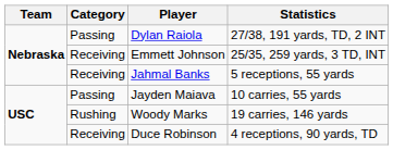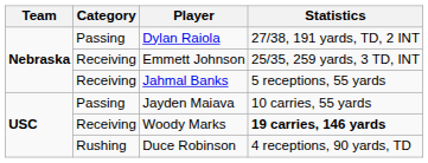 <table class="wikitable" style="float: right;">
 <tr>
 <th>Team</th>
 <th>Category</th>
 <th>Player</th>
 <th>Statistics</th>
 </tr>
 <tr>
 <td rowspan=3><strong>Nebraska</strong></td>
 <td>Passing</td>
 <td><a href='#'>Dylan Raiola</a></td>
 <td>27/38, 191 yards, TD, 2 INT</td>
 </tr>
 <tr>
 <td>Receiving</td>
 <td>Emmett Johnson</td>
 <td>25/35, 259 yards, 3 TD, INT</td>
 </tr>
 <tr>
 <td>Receiving</td>
 <td><a href='#'>Jahmal Banks</a></td>
 <td>5 receptions, 55 yards</td>
 </tr>
 <tr>
 <td rowspan=3><strong>USC</strong></td>
 <td>Passing</td>
 <td>Jayden Maiava</td>
 <td>10 carries, 55 yards</td>
 </tr>
 <tr>
-<td>Rushing</td>
+<td>Receiving</td>
 <td>Woody Marks</td>
-<td>19 carries, 146 yards</td>
+<td><strong>19 carries, 146 yards</strong></td>
 </tr>
 <tr>
-<td>Receiving</td>
+<td>Rushing</td>
 <td>Duce Robinson</td>
 <td>4 receptions, 90 yards, TD</td>
 </tr>
 </table>
